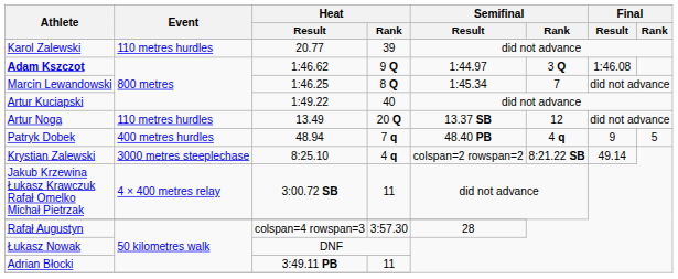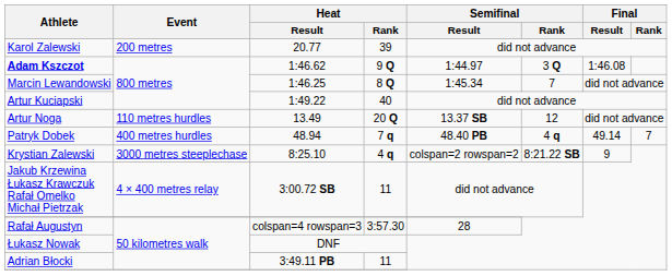 <table class="wikitable" style="font-size:90%">
 <tr>
 <th rowspan="2">Athlete</th>
 <th rowspan="2">Event</th>
 <th colspan="2">Heat</th>
 <th colspan="2">Semifinal</th>
 <th colspan="2">Final</th>
 </tr>
 <tr style="font-size:95%">
 <th>Result</th>
 <th>Rank</th>
 <th>Result</th>
 <th>Rank</th>
 <th>Result</th>
 <th>Rank</th>
 </tr>
 <tr style=text-align:center>
 <td style=text-align:left><a href='#'>Karol Zalewski</a></td>
-<td style=text-align:left><a href='#'>110 metres hurdles</a></td>
+<td style=text-align:left><a href='#'>200 metres</a></td>
 <td>20.77</td>
 <td>39</td>
 <td colspan=4>did not advance</td>
 </tr>
 <tr style=text-align:center>
 <td style=text-align:left><strong><a href='#'>Adam Kszczot</a></strong></td>
 <td style=text-align:left rowspan=3><a href='#'>800 metres</a></td>
 <td>1:46.62</td>
 <td>9 <strong>Q</strong></td>
 <td>1:44.97</td>
 <td>3 <strong>Q</strong></td>
 <td>1:46.08</td>
 <td></td>
 </tr>
 <tr style=text-align:center>
 <td style=text-align:left><a href='#'>Marcin Lewandowski</a></td>
 <td>1:46.25</td>
 <td>8 <strong>Q</strong></td>
 <td>1:45.34</td>
 <td>7</td>
 <td colspan=2>did not advance</td>
 </tr>
 <tr style=text-align:center>
 <td style=text-align:left><a href='#'>Artur Kuciapski</a></td>
 <td>1:49.22</td>
 <td>40</td>
 <td colspan=4>did not advance</td>
 </tr>
 <tr style=text-align:center>
 <td style=text-align:left><a href='#'>Artur Noga</a></td>
 <td style=text-align:left><a href='#'>110 metres hurdles</a></td>
 <td>13.49</td>
 <td>20 <strong>Q</strong></td>
 <td>13.37 <strong>SB</strong></td>
 <td>12</td>
 <td colspan=2>did not advance</td>
 </tr>
 <tr style=text-align:center>
 <td style=text-align:left><a href='#'>Patryk Dobek</a></td>
 <td style=text-align:left><a href='#'>400 metres hurdles</a></td>
 <td>48.94</td>
 <td>7 <strong>q</strong></td>
 <td>48.40 <strong>PB</strong></td>
 <td>4 <strong>q</strong></td>
-<td>9</td>
-<td>5</td>
+<td>49.14</td>
+<td>7</td>
 </tr>
 <tr style=text-align:center>
 <td style=text-align:left><a href='#'>Krystian Zalewski</a></td>
 <td style=text-align:left><a href='#'>3000 metres steeplechase</a></td>
 <td>8:25.10</td>
 <td>4 <strong>q</strong></td>
 <td>colspan=2 rowspan=2 </td>
 <td>8:21.22 <strong>SB</strong></td>
-<td>49.14</td>
+<td>9</td>
 </tr>
 <tr style=text-align:center>
 <td style=text-align:left><a href='#'>Jakub Krzewina</a><br><a href='#'>Łukasz Krawczuk</a><br><a href='#'>Rafał Omelko</a><br><a href='#'>Michał Pietrzak</a></td>
 <td style=text-align:left><a href='#'>4 × 400 metres relay</a></td>
 <td>3:00.72 <strong>SB</strong></td>
 <td>11</td>
 <td colspan=2>did not advance</td>
 </tr>
 <tr>
 </tr>
 <tr style=text-align:center>
 <td style=text-align:left><a href='#'>Rafał Augustyn</a></td>
 <td style=text-align:left rowspan=3><a href='#'>50 kilometres walk</a></td>
 <td>colspan=4 rowspan=3 </td>
 <td>3:57.30</td>
 <td>28</td>
 </tr>
 <tr style=text-align:center>
 <td style=text-align:left><a href='#'>Łukasz Nowak</a></td>
 <td colspan=2 align=center>DNF</td>
 </tr>
 <tr style=text-align:center>
 <td style=text-align:left><a href='#'>Adrian Błocki</a></td>
 <td>3:49.11 <strong>PB</strong></td>
 <td>11</td>
 </tr>
 <tr>
 </tr>
 </table>
